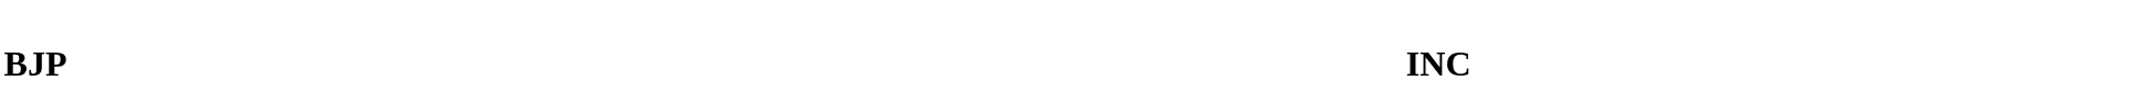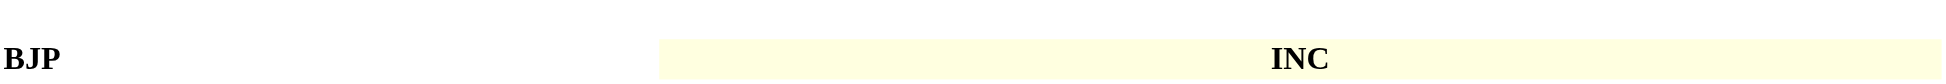 <table style="width:100%; text-align:center;">
 <tr style="color:white;">
 <td style="background:"><strong>25</strong></td>
 <td style="background:"><strong>1</strong></td>
 </tr>
 <tr>
 <td><span><strong>BJP</strong></span></td>
-<td><span><strong>INC</strong></span></td>
+<td style="background: lightyellow;"><span><strong>INC</strong></span></td>
 </tr>
 </table>
